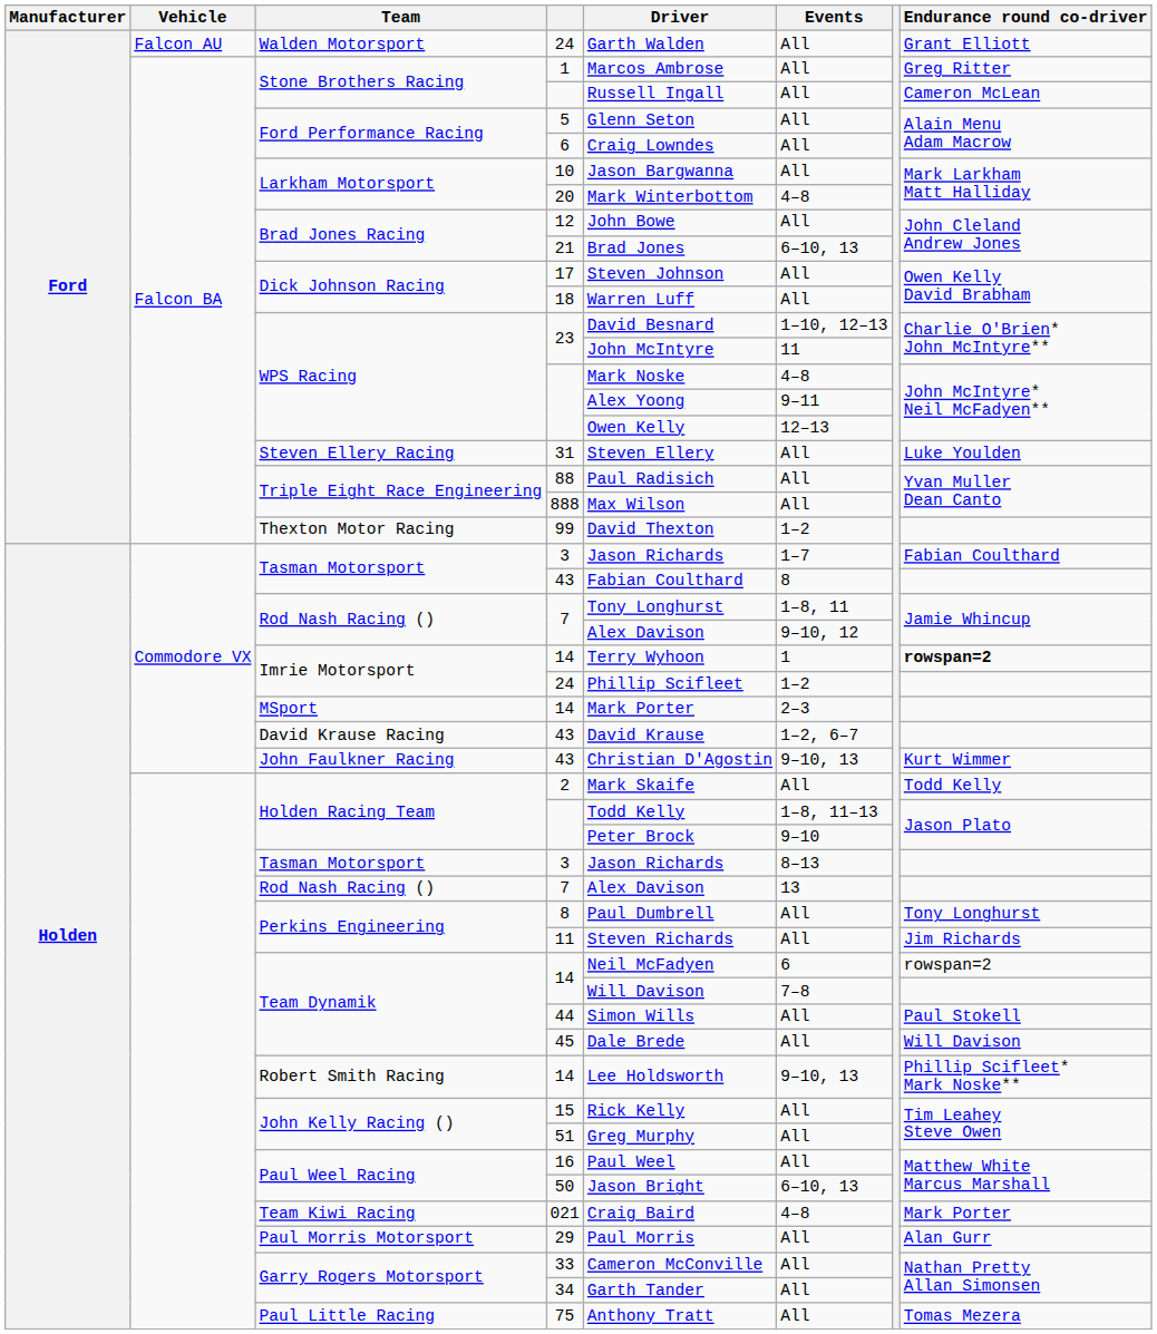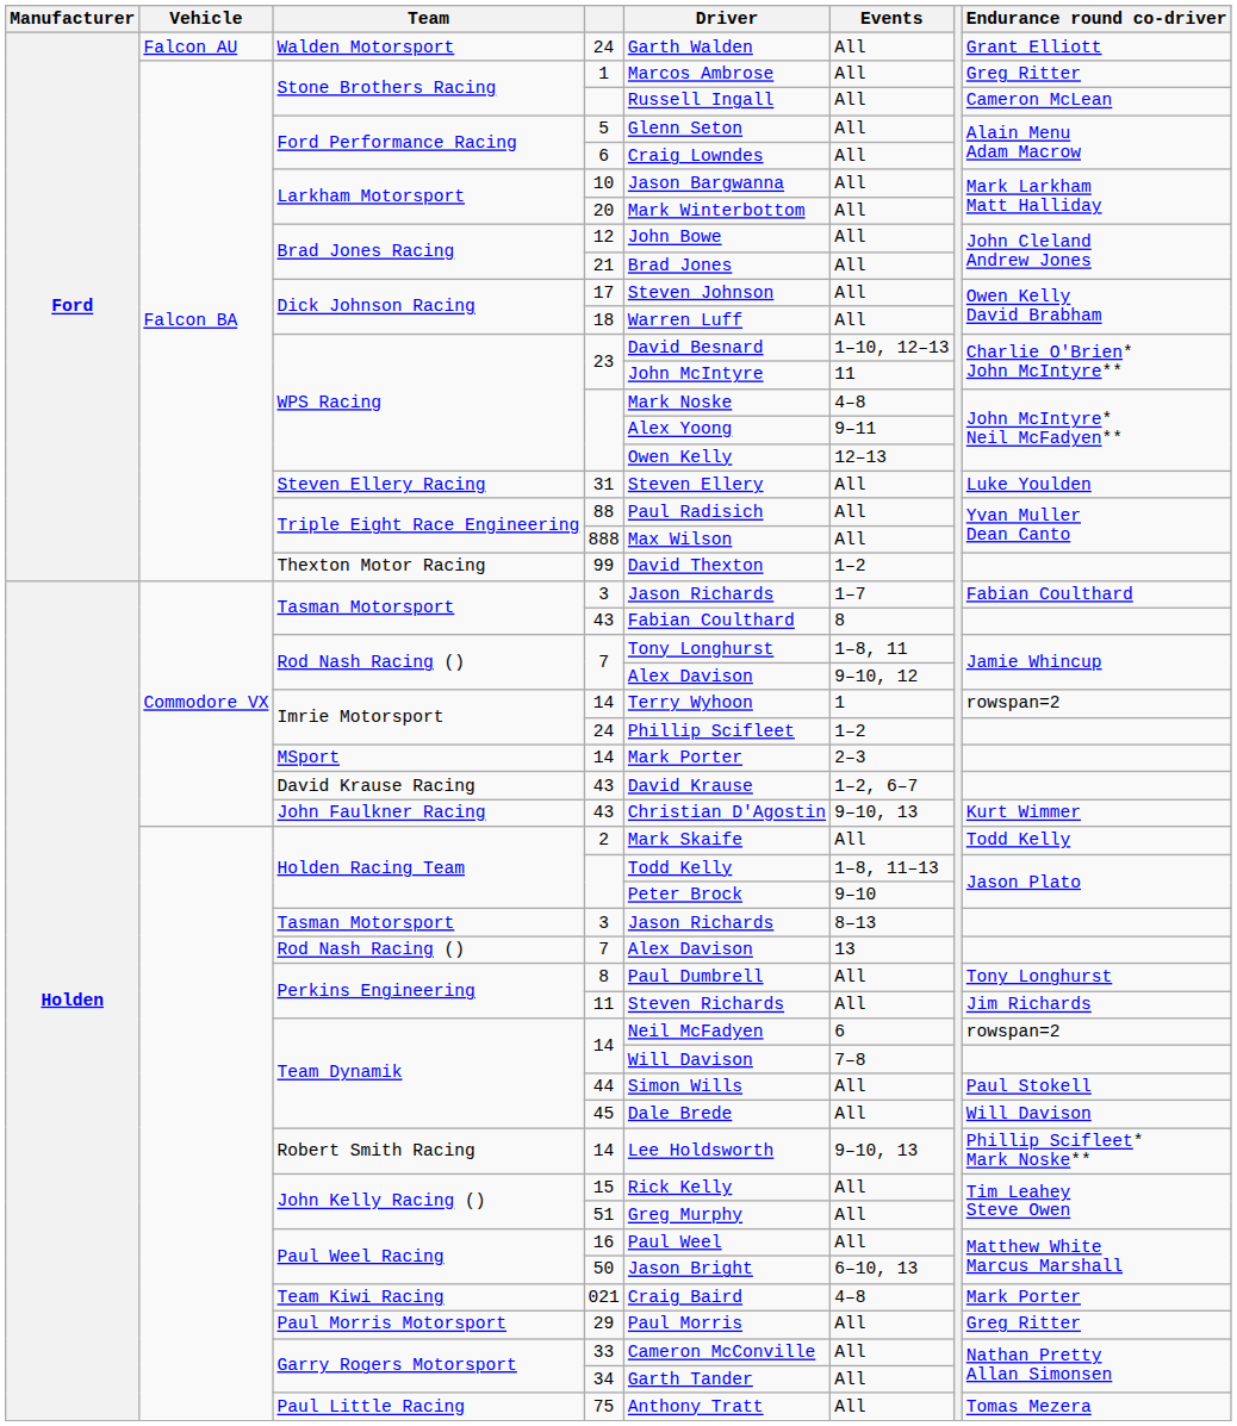 <table class="wikitable" style="font-size: 85%;">
 <tr>
 <th>Manufacturer</th>
 <th>Vehicle</th>
 <th>Team</th>
 <th></th>
 <th>Driver</th>
 <th>Events</th>
 <th rowspan=51></th>
 <th>Endurance round co-driver</th>
 </tr>
 <tr>
 <th rowspan=20><a href='#'>Ford</a></th>
 <td><a href='#'>Falcon AU</a></td>
 <td><a href='#'>Walden Motorsport</a></td>
 <td align=center>24</td>
 <td> <a href='#'>Garth Walden</a></td>
 <td>All</td>
 <td> <a href='#'>Grant Elliott</a></td>
 </tr>
 <tr>
 <td rowspan=19><a href='#'>Falcon BA</a></td>
 <td rowspan=2><a href='#'>Stone Brothers Racing</a></td>
 <td align=center>1</td>
 <td> <a href='#'>Marcos Ambrose</a></td>
 <td>All</td>
 <td> <a href='#'>Greg Ritter</a></td>
 </tr>
 <tr>
 <td align=center></td>
 <td> <a href='#'>Russell Ingall</a></td>
 <td>All</td>
 <td> <a href='#'>Cameron McLean</a></td>
 </tr>
 <tr>
 <td rowspan=2><a href='#'>Ford Performance Racing</a></td>
 <td align=center>5</td>
 <td> <a href='#'>Glenn Seton</a></td>
 <td>All</td>
 <td rowspan=2> <a href='#'>Alain Menu</a><br>  <a href='#'>Adam Macrow</a></td>
 </tr>
 <tr>
 <td align=center>6</td>
 <td> <a href='#'>Craig Lowndes</a></td>
 <td>All</td>
 </tr>
 <tr>
 <td rowspan=2><a href='#'>Larkham Motorsport</a></td>
 <td align=center>10</td>
 <td> <a href='#'>Jason Bargwanna</a></td>
 <td>All</td>
 <td rowspan=2> <a href='#'>Mark Larkham</a><br>  <a href='#'>Matt Halliday</a></td>
 </tr>
 <tr>
 <td align=center>20</td>
 <td> <a href='#'>Mark Winterbottom</a></td>
-<td>4–8</td>
+<td>All</td>
 </tr>
 <tr>
 <td rowspan=2><a href='#'>Brad Jones Racing</a></td>
 <td align=center>12</td>
 <td> <a href='#'>John Bowe</a></td>
 <td>All</td>
 <td rowspan=2> <a href='#'>John Cleland</a><br>  <a href='#'>Andrew Jones</a></td>
 </tr>
 <tr>
 <td align=center>21</td>
 <td> <a href='#'>Brad Jones</a></td>
-<td>6–10, 13</td>
+<td>All</td>
 </tr>
 <tr>
 <td rowspan=2><a href='#'>Dick Johnson Racing</a></td>
 <td align=center>17</td>
 <td> <a href='#'>Steven Johnson</a></td>
 <td>All</td>
 <td rowspan=2> <a href='#'>Owen Kelly</a><br>  <a href='#'>David Brabham</a></td>
 </tr>
 <tr>
 <td align=center>18</td>
 <td> <a href='#'>Warren Luff</a></td>
 <td>All</td>
 </tr>
 <tr>
 <td rowspan=5><a href='#'>WPS Racing</a></td>
 <td align=center rowspan=2>23</td>
 <td> <a href='#'>David Besnard</a></td>
 <td>1–10, 12–13</td>
 <td rowspan=2> <a href='#'>Charlie O'Brien</a>*<br> <a href='#'>John McIntyre</a>**</td>
 </tr>
 <tr>
 <td> <a href='#'>John McIntyre</a></td>
 <td>11</td>
 </tr>
 <tr>
 <td align=center rowspan=3></td>
 <td> <a href='#'>Mark Noske</a></td>
 <td>4–8</td>
 <td rowspan=3> <a href='#'>John McIntyre</a>*<br> <a href='#'>Neil McFadyen</a>**</td>
 </tr>
 <tr>
 <td> <a href='#'>Alex Yoong</a></td>
 <td>9–11</td>
 </tr>
 <tr>
 <td> <a href='#'>Owen Kelly</a></td>
 <td>12–13</td>
 </tr>
 <tr>
 <td><a href='#'>Steven Ellery Racing</a></td>
 <td align=center>31</td>
 <td> <a href='#'>Steven Ellery</a></td>
 <td>All</td>
 <td> <a href='#'>Luke Youlden</a></td>
 </tr>
 <tr>
 <td rowspan=2><a href='#'>Triple Eight Race Engineering</a></td>
 <td align=center>88</td>
 <td> <a href='#'>Paul Radisich</a></td>
 <td>All</td>
 <td rowspan=2> <a href='#'>Yvan Muller</a><br>  <a href='#'>Dean Canto</a></td>
 </tr>
 <tr>
 <td align=center>888</td>
 <td> <a href='#'>Max Wilson</a></td>
 <td>All</td>
 </tr>
 <tr>
 <td>Thexton Motor Racing</td>
 <td align=center>99</td>
 <td> <a href='#'>David Thexton</a></td>
 <td>1–2</td>
 <td></td>
 </tr>
 <tr>
 <th rowspan=30><a href='#'>Holden</a></th>
 <td rowspan=9><a href='#'>Commodore VX</a></td>
 <td rowspan=2><a href='#'>Tasman Motorsport</a></td>
 <td align=center>3</td>
 <td> <a href='#'>Jason Richards</a></td>
 <td>1–7</td>
 <td> <a href='#'>Fabian Coulthard</a></td>
 </tr>
 <tr>
 <td align=center>43</td>
 <td> <a href='#'>Fabian Coulthard</a></td>
 <td>8</td>
 <td></td>
 </tr>
 <tr>
 <td rowspan=2><a href='#'>Rod Nash Racing</a> ()</td>
 <td align=center rowspan=2>7</td>
 <td> <a href='#'>Tony Longhurst</a></td>
 <td>1–8, 11</td>
 <td rowspan=2> <a href='#'>Jamie Whincup</a></td>
 </tr>
 <tr>
 <td> <a href='#'>Alex Davison</a></td>
 <td>9–10, 12</td>
 </tr>
 <tr>
 <td rowspan=2>Imrie Motorsport</td>
 <td align=center>14</td>
 <td> <a href='#'>Terry Wyhoon</a></td>
 <td>1</td>
-<td><strong>rowspan=2 </strong></td>
+<td>rowspan=2 </td>
 </tr>
 <tr>
 <td align=center>24</td>
 <td> <a href='#'>Phillip Scifleet</a></td>
 <td>1–2</td>
 </tr>
 <tr>
 <td><a href='#'>MSport</a></td>
 <td align=center>14</td>
 <td> <a href='#'>Mark Porter</a></td>
 <td>2–3</td>
 <td></td>
 </tr>
 <tr>
 <td>David Krause Racing</td>
 <td align=center>43</td>
 <td> <a href='#'>David Krause</a></td>
 <td>1–2, 6–7</td>
 <td></td>
 </tr>
 <tr>
 <td><a href='#'>John Faulkner Racing</a></td>
 <td align=center>43</td>
 <td> <a href='#'>Christian D'Agostin</a></td>
 <td>9–10, 13</td>
 <td> <a href='#'>Kurt Wimmer</a></td>
 </tr>
 <tr>
 <td rowspan=21></td>
 <td rowspan=3><a href='#'>Holden Racing Team</a></td>
 <td align=center>2</td>
 <td> <a href='#'>Mark Skaife</a></td>
 <td>All</td>
 <td> <a href='#'>Todd Kelly</a></td>
 </tr>
 <tr>
 <td align=center rowspan=2></td>
 <td> <a href='#'>Todd Kelly</a></td>
 <td>1–8, 11–13</td>
 <td rowspan=2> <a href='#'>Jason Plato</a></td>
 </tr>
 <tr>
 <td> <a href='#'>Peter Brock</a></td>
 <td>9–10</td>
 </tr>
 <tr>
 <td><a href='#'>Tasman Motorsport</a></td>
 <td align=center>3</td>
 <td> <a href='#'>Jason Richards</a></td>
 <td>8–13</td>
 <td></td>
 </tr>
 <tr>
 <td><a href='#'>Rod Nash Racing</a> ()</td>
 <td align=center>7</td>
 <td> <a href='#'>Alex Davison</a></td>
 <td>13</td>
 <td></td>
 </tr>
 <tr>
 <td rowspan=2><a href='#'>Perkins Engineering</a></td>
 <td align=center>8</td>
 <td> <a href='#'>Paul Dumbrell</a></td>
 <td>All</td>
 <td> <a href='#'>Tony Longhurst</a></td>
 </tr>
 <tr>
 <td align=center>11</td>
 <td> <a href='#'>Steven Richards</a></td>
 <td>All</td>
 <td> <a href='#'>Jim Richards</a></td>
 </tr>
 <tr>
 <td rowspan=4><a href='#'>Team Dynamik</a></td>
 <td align=center rowspan=2>14</td>
 <td> <a href='#'>Neil McFadyen</a></td>
 <td>6</td>
 <td>rowspan=2 </td>
 </tr>
 <tr>
 <td> <a href='#'>Will Davison</a></td>
 <td>7–8</td>
 </tr>
 <tr>
 <td align=center>44</td>
 <td> <a href='#'>Simon Wills</a></td>
 <td>All</td>
 <td> <a href='#'>Paul Stokell</a></td>
 </tr>
 <tr>
 <td align=center>45</td>
 <td> <a href='#'>Dale Brede</a></td>
 <td>All</td>
 <td> <a href='#'>Will Davison</a></td>
 </tr>
 <tr>
 <td>Robert Smith Racing</td>
 <td align=center>14</td>
 <td> <a href='#'>Lee Holdsworth</a></td>
 <td>9–10, 13</td>
 <td> <a href='#'>Phillip Scifleet</a>*<br>  <a href='#'>Mark Noske</a>**</td>
 </tr>
 <tr>
 <td rowspan=2><a href='#'>John Kelly Racing</a> ()</td>
 <td align=center>15</td>
 <td> <a href='#'>Rick Kelly</a></td>
 <td>All</td>
 <td rowspan=2> <a href='#'>Tim Leahey</a><br>  <a href='#'>Steve Owen</a></td>
 </tr>
 <tr>
 <td align=center>51</td>
 <td> <a href='#'>Greg Murphy</a></td>
 <td>All</td>
 </tr>
 <tr>
 <td rowspan=2><a href='#'>Paul Weel Racing</a></td>
 <td align=center>16</td>
 <td> <a href='#'>Paul Weel</a></td>
 <td>All</td>
 <td rowspan=2> <a href='#'>Matthew White</a> <br> <a href='#'>Marcus Marshall</a></td>
 </tr>
 <tr>
 <td align=center>50</td>
 <td> <a href='#'>Jason Bright</a></td>
 <td>6–10, 13</td>
 </tr>
 <tr>
 <td><a href='#'>Team Kiwi Racing</a></td>
 <td align=center>021</td>
 <td> <a href='#'>Craig Baird</a></td>
 <td>4–8</td>
 <td> <a href='#'>Mark Porter</a></td>
 </tr>
 <tr>
 <td><a href='#'>Paul Morris Motorsport</a></td>
 <td align=center>29</td>
 <td> <a href='#'>Paul Morris</a></td>
 <td>All</td>
-<td> <a href='#'>Alan Gurr</a></td>
+<td> <a href='#'>Greg Ritter</a></td>
 </tr>
 <tr>
 <td rowspan=2><a href='#'>Garry Rogers Motorsport</a></td>
 <td align=center>33</td>
 <td> <a href='#'>Cameron McConville</a></td>
 <td>All</td>
 <td rowspan=2> <a href='#'>Nathan Pretty</a><br>  <a href='#'>Allan Simonsen</a></td>
 </tr>
 <tr>
 <td align=center>34</td>
 <td> <a href='#'>Garth Tander</a></td>
 <td>All</td>
 </tr>
 <tr>
 <td><a href='#'>Paul Little Racing</a></td>
 <td align=center>75</td>
 <td> <a href='#'>Anthony Tratt</a></td>
 <td>All</td>
 <td> <a href='#'>Tomas Mezera</a></td>
 </tr>
 </table>
